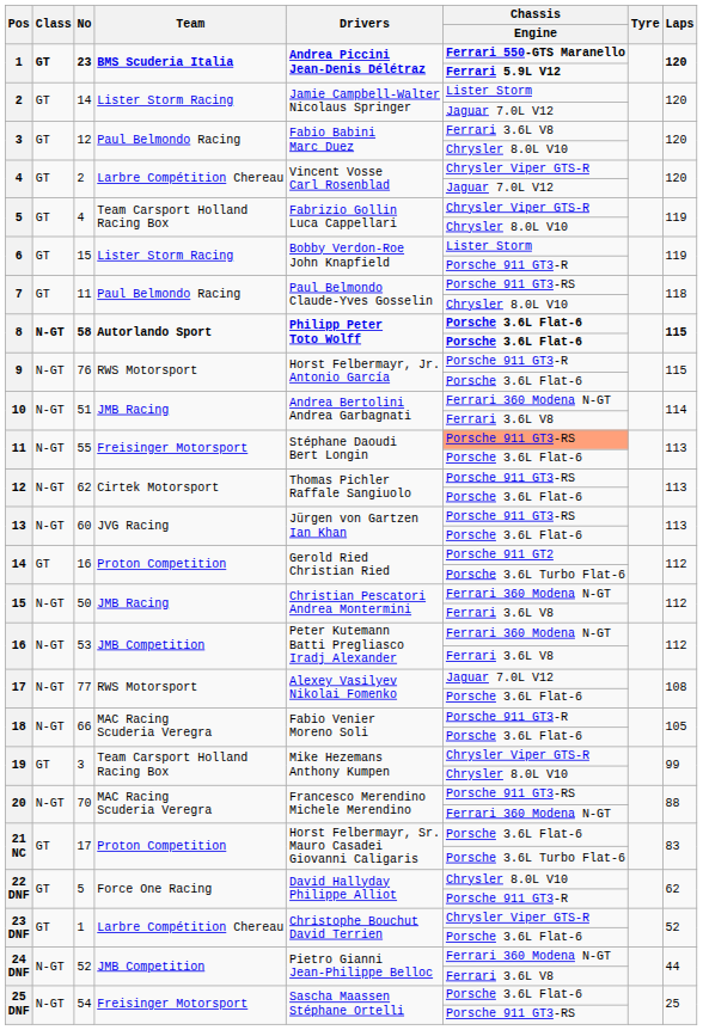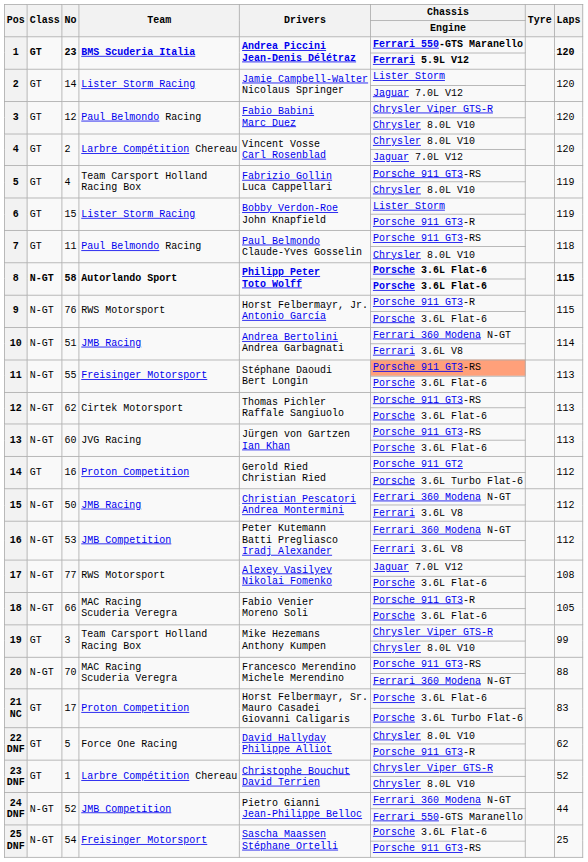 <table class="wikitable" style="font-size: 95%;">
 <tr>
 <th rowspan=2>Pos</th>
 <th rowspan=2>Class</th>
 <th rowspan=2>No</th>
 <th rowspan=2>Team</th>
 <th rowspan=2>Drivers</th>
 <th>Chassis</th>
 <th rowspan=2>Tyre</th>
 <th rowspan=2>Laps</th>
 </tr>
 <tr>
 <th>Engine</th>
 </tr>
 <tr style="font-weight:bold">
 <th rowspan=2>1</th>
 <td rowspan=2>GT</td>
 <td rowspan=2>23</td>
 <td rowspan=2> <a href='#'>BMS Scuderia Italia</a></td>
 <td rowspan=2> <a href='#'>Andrea Piccini</a><br> <a href='#'>Jean-Denis Délétraz</a></td>
 <td><a href='#'>Ferrari 550</a>-GTS Maranello</td>
 <td rowspan=2></td>
 <td rowspan=2>120</td>
 </tr>
 <tr style="font-weight:bold">
 <td><a href='#'>Ferrari</a> 5.9L V12</td>
 </tr>
 <tr>
 <th rowspan=2>2</th>
 <td rowspan=2>GT</td>
 <td rowspan=2>14</td>
 <td rowspan=2> <a href='#'>Lister Storm Racing</a></td>
 <td rowspan=2> <a href='#'>Jamie Campbell-Walter</a><br> Nicolaus Springer</td>
 <td><a href='#'>Lister Storm</a></td>
 <td rowspan=2></td>
 <td rowspan=2>120</td>
 </tr>
 <tr>
 <td><a href='#'>Jaguar</a> 7.0L V12</td>
 </tr>
 <tr>
 <th rowspan=2>3</th>
 <td rowspan=2>GT</td>
 <td rowspan=2>12</td>
 <td rowspan=2> <a href='#'>Paul Belmondo</a> Racing</td>
 <td rowspan=2> <a href='#'>Fabio Babini</a><br> <a href='#'>Marc Duez</a></td>
-<td><a href='#'>Ferrari</a> 3.6L V8</td>
+<td><a href='#'>Chrysler Viper GTS-R</a></td>
 <td rowspan=2></td>
 <td rowspan=2>120</td>
 </tr>
 <tr>
 <td><a href='#'>Chrysler</a> 8.0L V10</td>
 </tr>
 <tr>
 <th rowspan=2>4</th>
 <td rowspan=2>GT</td>
 <td rowspan=2>2</td>
 <td rowspan=2> <a href='#'>Larbre Compétition</a> Chereau</td>
 <td rowspan=2> Vincent Vosse<br> <a href='#'>Carl Rosenblad</a></td>
-<td><a href='#'>Chrysler Viper GTS-R</a></td>
+<td><a href='#'>Chrysler</a> 8.0L V10</td>
 <td rowspan=2></td>
 <td rowspan=2>120</td>
 </tr>
 <tr>
 <td><a href='#'>Jaguar</a> 7.0L V12</td>
 </tr>
 <tr>
 <th rowspan=2>5</th>
 <td rowspan=2>GT</td>
 <td rowspan=2>4</td>
 <td rowspan=2> Team Carsport Holland<br> Racing Box</td>
 <td rowspan=2> <a href='#'>Fabrizio Gollin</a><br> Luca Cappellari</td>
-<td><a href='#'>Chrysler Viper GTS-R</a></td>
+<td><a href='#'>Porsche 911 GT3</a>-RS</td>
 <td rowspan=2></td>
 <td rowspan=2>119</td>
 </tr>
 <tr>
 <td><a href='#'>Chrysler</a> 8.0L V10</td>
 </tr>
 <tr>
 <th rowspan=2>6</th>
 <td rowspan=2>GT</td>
 <td rowspan=2>15</td>
 <td rowspan=2> <a href='#'>Lister Storm Racing</a></td>
 <td rowspan=2> <a href='#'>Bobby Verdon-Roe</a><br> John Knapfield</td>
 <td><a href='#'>Lister Storm</a></td>
 <td rowspan=2></td>
 <td rowspan=2>119</td>
 </tr>
 <tr>
 <td><a href='#'>Porsche 911 GT3</a>-R</td>
 </tr>
 <tr>
 <th rowspan=2>7</th>
 <td rowspan=2>GT</td>
 <td rowspan=2>11</td>
 <td rowspan=2> <a href='#'>Paul Belmondo</a> Racing</td>
 <td rowspan=2> <a href='#'>Paul Belmondo</a><br> Claude-Yves Gosselin</td>
 <td><a href='#'>Porsche 911 GT3</a>-RS</td>
 <td rowspan=2></td>
 <td rowspan=2>118</td>
 </tr>
 <tr>
 <td><a href='#'>Chrysler</a> 8.0L V10</td>
 </tr>
 <tr style="font-weight:bold">
 <th rowspan=2>8</th>
 <td rowspan=2>N-GT</td>
 <td rowspan=2>58</td>
 <td rowspan=2> Autorlando Sport</td>
 <td rowspan=2> <a href='#'>Philipp Peter</a><br> <a href='#'>Toto Wolff</a></td>
 <td><a href='#'>Porsche</a> 3.6L Flat-6</td>
 <td rowspan=2></td>
 <td rowspan=2>115</td>
 </tr>
 <tr style="font-weight:bold">
 <td><a href='#'>Porsche</a> 3.6L Flat-6</td>
 </tr>
 <tr>
 <th rowspan=2>9</th>
 <td rowspan=2>N-GT</td>
 <td rowspan=2>76</td>
 <td rowspan=2> RWS Motorsport</td>
 <td rowspan=2> Horst Felbermayr, Jr.<br> <a href='#'>Antonio García</a></td>
 <td><a href='#'>Porsche 911 GT3</a>-R</td>
 <td rowspan=2></td>
 <td rowspan=2>115</td>
 </tr>
 <tr>
 <td><a href='#'>Porsche</a> 3.6L Flat-6</td>
 </tr>
 <tr>
 <th rowspan=2>10</th>
 <td rowspan=2>N-GT</td>
 <td rowspan=2>51</td>
 <td rowspan=2> <a href='#'>JMB Racing</a></td>
 <td rowspan=2> <a href='#'>Andrea Bertolini</a><br> Andrea Garbagnati</td>
 <td><a href='#'>Ferrari 360 Modena</a> N-GT</td>
 <td rowspan=2></td>
 <td rowspan=2>114</td>
 </tr>
 <tr>
 <td><a href='#'>Ferrari</a> 3.6L V8</td>
 </tr>
 <tr>
 <th rowspan=2>11</th>
 <td rowspan=2>N-GT</td>
 <td rowspan=2>55</td>
 <td rowspan=2> <a href='#'>Freisinger Motorsport</a></td>
 <td rowspan=2> Stéphane Daoudi<br> Bert Longin</td>
 <td style="background: lightsalmon;"><a href='#'>Porsche 911 GT3</a>-RS</td>
 <td rowspan=2></td>
 <td rowspan=2>113</td>
 </tr>
 <tr>
 <td><a href='#'>Porsche</a> 3.6L Flat-6</td>
 </tr>
 <tr>
 <th rowspan=2>12</th>
 <td rowspan=2>N-GT</td>
 <td rowspan=2>62</td>
 <td rowspan=2> Cirtek Motorsport</td>
 <td rowspan=2> Thomas Pichler<br> Raffale Sangiuolo</td>
 <td><a href='#'>Porsche 911 GT3</a>-RS</td>
 <td rowspan=2></td>
 <td rowspan=2>113</td>
 </tr>
 <tr>
 <td><a href='#'>Porsche</a> 3.6L Flat-6</td>
 </tr>
 <tr>
 <th rowspan=2>13</th>
 <td rowspan=2>N-GT</td>
 <td rowspan=2>60</td>
 <td rowspan=2> JVG Racing</td>
 <td rowspan=2> Jürgen von Gartzen<br> <a href='#'>Ian Khan</a></td>
 <td><a href='#'>Porsche 911 GT3</a>-RS</td>
 <td rowspan=2></td>
 <td rowspan=2>113</td>
 </tr>
 <tr>
 <td><a href='#'>Porsche</a> 3.6L Flat-6</td>
 </tr>
 <tr>
 <th rowspan=2>14</th>
 <td rowspan=2>GT</td>
 <td rowspan=2>16</td>
 <td rowspan=2> <a href='#'>Proton Competition</a></td>
 <td rowspan=2> Gerold Ried<br> Christian Ried</td>
 <td><a href='#'>Porsche 911 GT2</a></td>
 <td rowspan=2></td>
 <td rowspan=2>112</td>
 </tr>
 <tr>
 <td><a href='#'>Porsche</a> 3.6L Turbo Flat-6</td>
 </tr>
 <tr>
 <th rowspan=2>15</th>
 <td rowspan=2>N-GT</td>
 <td rowspan=2>50</td>
 <td rowspan=2> <a href='#'>JMB Racing</a></td>
 <td rowspan=2> <a href='#'>Christian Pescatori</a><br> <a href='#'>Andrea Montermini</a></td>
 <td><a href='#'>Ferrari 360 Modena</a> N-GT</td>
 <td rowspan=2></td>
 <td rowspan=2>112</td>
 </tr>
 <tr>
 <td><a href='#'>Ferrari</a> 3.6L V8</td>
 </tr>
 <tr>
 <th rowspan=2>16</th>
 <td rowspan=2>N-GT</td>
 <td rowspan=2>53</td>
 <td rowspan=2> <a href='#'>JMB Competition</a></td>
 <td rowspan=2> Peter Kutemann<br> Batti Pregliasco<br> <a href='#'>Iradj Alexander</a></td>
 <td><a href='#'>Ferrari 360 Modena</a> N-GT</td>
 <td rowspan=2></td>
 <td rowspan=2>112</td>
 </tr>
 <tr>
 <td><a href='#'>Ferrari</a> 3.6L V8</td>
 </tr>
 <tr>
 <th rowspan=2>17</th>
 <td rowspan=2>N-GT</td>
 <td rowspan=2>77</td>
 <td rowspan=2> RWS Motorsport</td>
 <td rowspan=2> <a href='#'>Alexey Vasilyev</a><br> <a href='#'>Nikolai Fomenko</a></td>
 <td><a href='#'>Jaguar</a> 7.0L V12</td>
 <td rowspan=2></td>
 <td rowspan=2>108</td>
 </tr>
 <tr>
 <td><a href='#'>Porsche</a> 3.6L Flat-6</td>
 </tr>
 <tr>
 <th rowspan=2>18</th>
 <td rowspan=2>N-GT</td>
 <td rowspan=2>66</td>
 <td rowspan=2> MAC Racing<br> Scuderia Veregra</td>
 <td rowspan=2> Fabio Venier<br> Moreno Soli</td>
 <td><a href='#'>Porsche 911 GT3</a>-R</td>
 <td rowspan=2></td>
 <td rowspan=2>105</td>
 </tr>
 <tr>
 <td><a href='#'>Porsche</a> 3.6L Flat-6</td>
 </tr>
 <tr>
 <th rowspan=2>19</th>
 <td rowspan=2>GT</td>
 <td rowspan=2>3</td>
 <td rowspan=2> Team Carsport Holland<br> Racing Box</td>
 <td rowspan=2> Mike Hezemans<br> Anthony Kumpen</td>
 <td><a href='#'>Chrysler Viper GTS-R</a></td>
 <td rowspan=2></td>
 <td rowspan=2>99</td>
 </tr>
 <tr>
 <td><a href='#'>Chrysler</a> 8.0L V10</td>
 </tr>
 <tr>
 <th rowspan=2>20</th>
 <td rowspan=2>N-GT</td>
 <td rowspan=2>70</td>
 <td rowspan=2> MAC Racing<br> Scuderia Veregra</td>
 <td rowspan=2> Francesco Merendino<br> Michele Merendino</td>
 <td><a href='#'>Porsche 911 GT3</a>-RS</td>
 <td rowspan=2></td>
 <td rowspan=2>88</td>
 </tr>
 <tr>
 <td><a href='#'>Ferrari 360 Modena</a> N-GT</td>
 </tr>
 <tr>
 <th rowspan=2>21<br>NC</th>
 <td rowspan=2>GT</td>
 <td rowspan=2>17</td>
 <td rowspan=2> <a href='#'>Proton Competition</a></td>
 <td rowspan=2> Horst Felbermayr, Sr.<br> Mauro Casadei<br> Giovanni Caligaris</td>
 <td><a href='#'>Porsche</a> 3.6L Flat-6</td>
 <td rowspan=2></td>
 <td rowspan=2>83</td>
 </tr>
 <tr>
 <td><a href='#'>Porsche</a> 3.6L Turbo Flat-6</td>
 </tr>
 <tr>
 <th rowspan=2>22<br>DNF</th>
 <td rowspan=2>GT</td>
 <td rowspan=2>5</td>
 <td rowspan=2> Force One Racing</td>
 <td rowspan=2> <a href='#'>David Hallyday</a><br> <a href='#'>Philippe Alliot</a></td>
 <td><a href='#'>Chrysler</a> 8.0L V10</td>
 <td rowspan=2></td>
 <td rowspan=2>62</td>
 </tr>
 <tr>
 <td><a href='#'>Porsche 911 GT3</a>-R</td>
 </tr>
 <tr>
 <th rowspan=2>23<br>DNF</th>
 <td rowspan=2>GT</td>
 <td rowspan=2>1</td>
 <td rowspan=2> <a href='#'>Larbre Compétition</a> Chereau</td>
 <td rowspan=2> <a href='#'>Christophe Bouchut</a><br> <a href='#'>David Terrien</a></td>
 <td><a href='#'>Chrysler Viper GTS-R</a></td>
 <td rowspan=2></td>
 <td rowspan=2>52</td>
 </tr>
 <tr>
-<td><a href='#'>Porsche</a> 3.6L Flat-6</td>
+<td><a href='#'>Chrysler</a> 8.0L V10</td>
 </tr>
 <tr>
 <th rowspan=2>24<br>DNF</th>
 <td rowspan=2>N-GT</td>
 <td rowspan=2>52</td>
 <td rowspan=2> <a href='#'>JMB Competition</a></td>
 <td rowspan=2> Pietro Gianni<br> <a href='#'>Jean-Philippe Belloc</a></td>
 <td><a href='#'>Ferrari 360 Modena</a> N-GT</td>
 <td rowspan=2></td>
 <td rowspan=2>44</td>
 </tr>
 <tr>
-<td><a href='#'>Ferrari</a> 3.6L V8</td>
+<td><a href='#'>Ferrari 550</a>-GTS Maranello</td>
 </tr>
 <tr>
 <th rowspan=2>25<br>DNF</th>
 <td rowspan=2>N-GT</td>
 <td rowspan=2>54</td>
 <td rowspan=2> <a href='#'>Freisinger Motorsport</a></td>
 <td rowspan=2> <a href='#'>Sascha Maassen</a><br> <a href='#'>Stéphane Ortelli</a></td>
 <td><a href='#'>Porsche</a> 3.6L Flat-6</td>
 <td rowspan=2></td>
 <td rowspan=2>25</td>
 </tr>
 <tr>
 <td><a href='#'>Porsche 911 GT3</a>-RS</td>
 </tr>
 </table>
